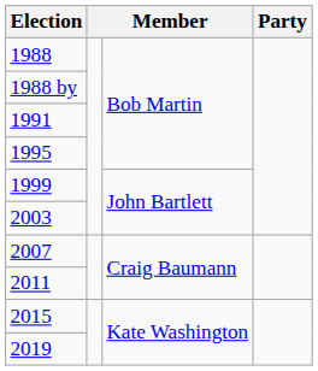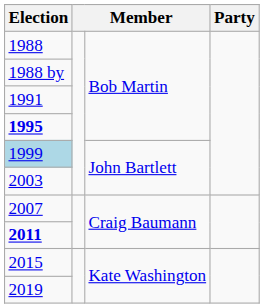 <table class="wikitable">
 <tr>
 <th>Election</th>
 <th colspan=2>Member</th>
 <th>Party</th>
 </tr>
 <tr>
 <td><a href='#'>1988</a></td>
 <td rowspan="6" > </td>
 <td rowspan="4"><a href='#'>Bob Martin</a></td>
 <td rowspan="6"></td>
 </tr>
 <tr>
 <td><a href='#'>1988 by</a></td>
 </tr>
 <tr>
 <td><a href='#'>1991</a></td>
 </tr>
 <tr>
-<td><a href='#'>1995</a></td>
+<td><strong><a href='#'>1995</a></strong></td>
 </tr>
 <tr>
-<td><a href='#'>1999</a></td>
+<td style="background: lightblue;"><a href='#'>1999</a></td>
 <td rowspan="2"><a href='#'>John Bartlett</a></td>
 </tr>
 <tr>
 <td><a href='#'>2003</a></td>
 </tr>
 <tr>
 <td><a href='#'>2007</a></td>
 <td rowspan="2" > </td>
 <td rowspan="2"><a href='#'>Craig Baumann</a></td>
 <td rowspan="2"></td>
 </tr>
 <tr>
-<td><a href='#'>2011</a></td>
+<td><strong><a href='#'>2011</a></strong></td>
 </tr>
 <tr>
 <td><a href='#'>2015</a></td>
 <td rowspan="2" > </td>
 <td rowspan="2"><a href='#'>Kate Washington</a></td>
 <td rowspan="2"></td>
 </tr>
 <tr>
 <td><a href='#'>2019</a></td>
 </tr>
 </table>
